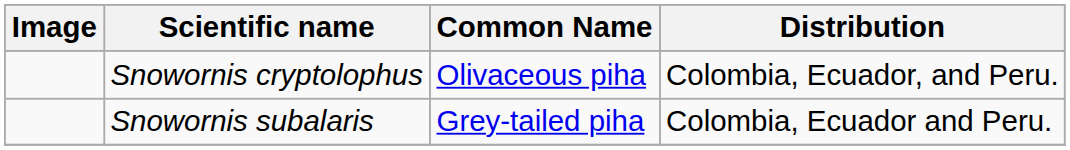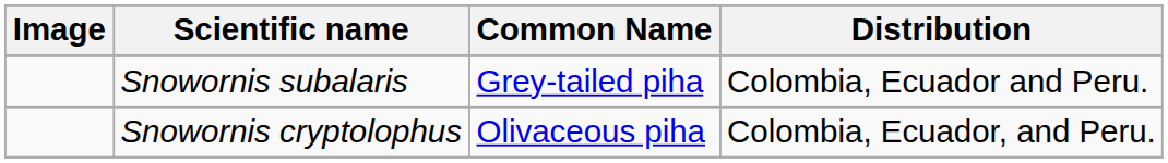 <table class="wikitable">
 <tr>
 <th>Image</th>
 <th>Scientific name</th>
 <th>Common Name</th>
 <th>Distribution</th>
 </tr>
 <tr>
 <td></td>
+<td><em>Snowornis subalaris</em></td>
+<td><a href='#'>Grey-tailed piha</a></td>
+<td>Colombia, Ecuador and Peru.</td>
+</tr>
+<tr>
+<td></td>
 <td><em>Snowornis cryptolophus</em></td>
 <td><a href='#'>Olivaceous piha</a></td>
 <td>Colombia, Ecuador, and Peru.</td>
 </tr>
 <tr>
-<td></td>
-<td><em>Snowornis subalaris</em></td>
-<td><a href='#'>Grey-tailed piha</a></td>
-<td>Colombia, Ecuador and Peru.</td>
-</tr>
-<tr>
 </tr>
 </table>
